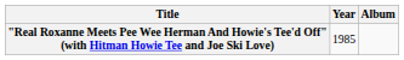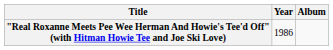 <table class="wikitable plainrowheaders" style="text-align:center;">
 <tr>
 <th scope="col">Title</th>
 <th scope="col">Year</th>
 <th scope="col">Album</th>
 </tr>
 <tr>
 <th scope="row">"Real Roxanne Meets Pee Wee Herman And Howie's Tee'd Off"<br><span>(with <a href='#'>Hitman Howie Tee</a> and Joe Ski Love)</span></th>
-<td>1985</td>
+<td>1986</td>
 <td></td>
 </tr>
 </table>
